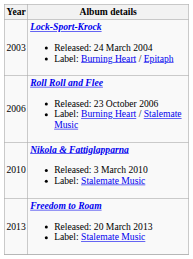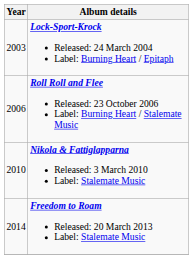 <table class="wikitable">
 <tr>
 <th>Year</th>
 <th style="width:260px;">Album details</th>
 </tr>
 <tr>
 <td>2003</td>
 <td><strong><em><a href='#'>Lock-Sport-Krock</a></em></strong><br><ul><li>Released: 24 March 2004</li><li>Label: <a href='#'>Burning Heart</a> / <a href='#'>Epitaph</a></li></ul></td>
 </tr>
 <tr>
 <td>2006</td>
 <td><strong><em><a href='#'>Roll Roll and Flee</a></em></strong><br><ul><li>Released: 23 October 2006</li><li>Label: <a href='#'>Burning Heart</a> / <a href='#'>Stalemate Music</a></li></ul></td>
 </tr>
 <tr>
 <td>2010</td>
 <td><strong><em><a href='#'>Nikola & Fattiglapparna</a></em></strong><br><ul><li>Released: 3 March 2010</li><li>Label: <a href='#'>Stalemate Music</a></li></ul></td>
 </tr>
 <tr>
-<td>2013</td>
+<td>2014</td>
 <td><strong><em><a href='#'>Freedom to Roam</a></em></strong><br><ul><li>Released: 20 March 2013</li><li>Label: <a href='#'>Stalemate Music</a></li></ul></td>
 </tr>
 <tr>
 </tr>
 </table>
